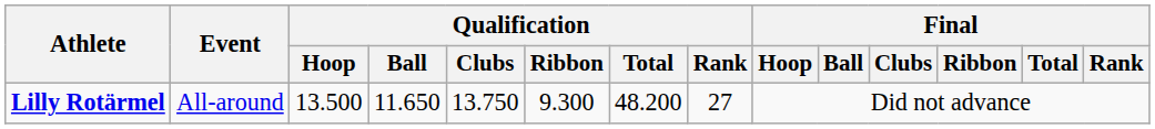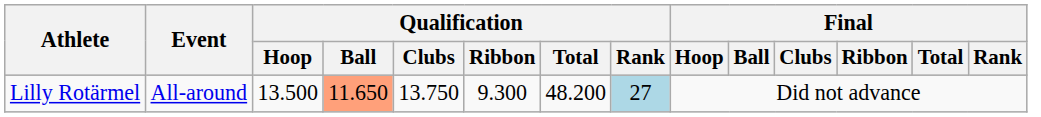 <table class=wikitable style="font-size:90%">
 <tr>
 <th rowspan=2>Athlete</th>
 <th rowspan=2>Event</th>
 <th colspan=6>Qualification</th>
 <th colspan=6>Final</th>
 </tr>
 <tr style="font-size:95%">
 <th>Hoop</th>
 <th>Ball</th>
 <th>Clubs</th>
 <th>Ribbon</th>
 <th>Total</th>
 <th>Rank</th>
 <th>Hoop</th>
 <th>Ball</th>
 <th>Clubs</th>
 <th>Ribbon</th>
 <th>Total</th>
 <th>Rank</th>
 </tr>
 <tr align=center>
-<td align=left><strong><a href='#'>Lilly Rotärmel</a></strong></td>
+<td align=left><a href='#'>Lilly Rotärmel</a></td>
 <td align=left><a href='#'>All-around</a></td>
 <td>13.500</td>
-<td>11.650</td>
+<td style="background: lightsalmon;">11.650</td>
 <td>13.750</td>
 <td>9.300</td>
 <td>48.200</td>
-<td>27</td>
+<td style="background: lightblue;">27</td>
 <td colspan=6>Did not advance</td>
 </tr>
 </table>
